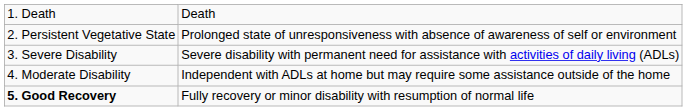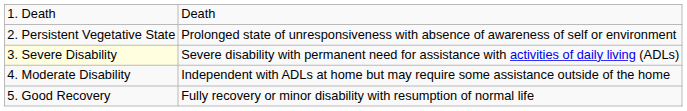 <table class="wikitable">
 <tr>
 <td>1. Death</td>
 <td>Death</td>
 </tr>
 <tr>
 <td>2. Persistent Vegetative State</td>
 <td>Prolonged state of unresponsiveness with absence of awareness of self or environment</td>
 </tr>
 <tr>
-<td>3. Severe Disability</td>
+<td style="background: lightyellow;">3. Severe Disability</td>
 <td>Severe disability with permanent need for assistance with <a href='#'>activities of daily living</a> (ADLs)</td>
 </tr>
 <tr>
 <td>4. Moderate Disability</td>
 <td>Independent with ADLs at home but may require some assistance outside of the home</td>
 </tr>
 <tr>
-<td><strong>5. Good Recovery</strong></td>
+<td>5. Good Recovery</td>
 <td>Fully recovery or minor disability with resumption of normal life</td>
 </tr>
 </table>
